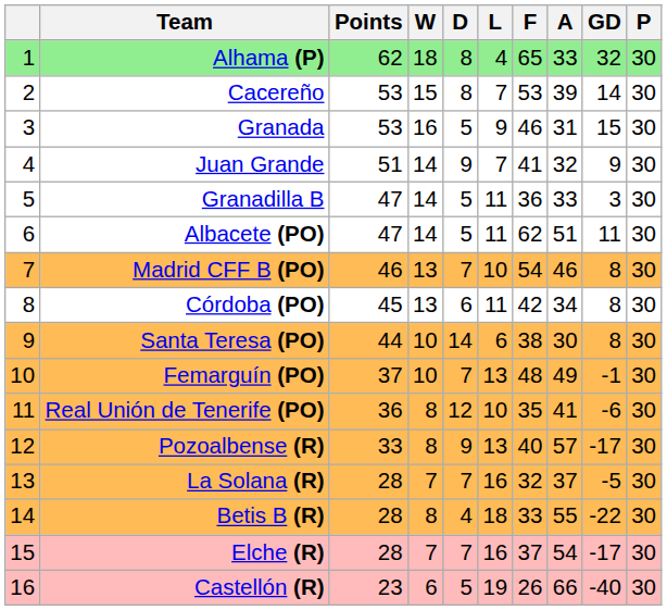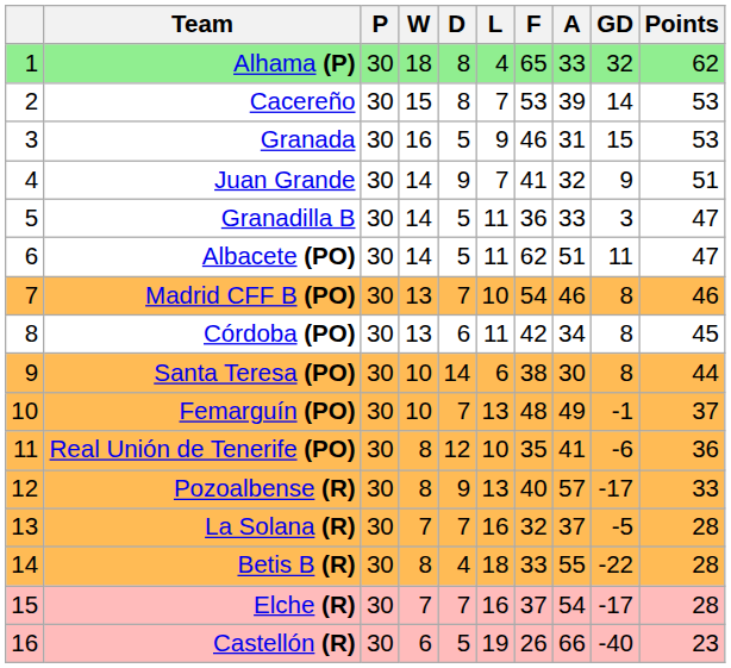 <table class="wikitable sortable col2izq" style="text-align: right">
 <tr>
 <th></th>
 <th>Team</th>
-<th>Points</th>
+<th>P</th>
 <th>W</th>
 <th>D</th>
 <th>L</th>
 <th>F</th>
 <th>A</th>
 <th>GD</th>
-<th>P</th>
+<th>Points</th>
 </tr>
 <tr style="background:lightgreen">
 <td>1</td>
 <td><a href='#'>Alhama</a> <strong>(P)</strong></td>
-<td>62</td>
+<td>30</td>
 <td>18</td>
 <td>8</td>
 <td>4</td>
 <td>65</td>
 <td>33</td>
 <td>32</td>
-<td>30</td>
+<td>62</td>
 </tr>
 <tr style="background:#FFFFFF;">
 <td>2</td>
 <td><a href='#'>Cacereño</a></td>
-<td>53</td>
+<td>30</td>
 <td>15</td>
 <td>8</td>
 <td>7</td>
 <td>53</td>
 <td>39</td>
 <td>14</td>
-<td>30</td>
+<td>53</td>
 </tr>
 <tr style="background:#FFFFFF;">
 <td>3</td>
 <td><a href='#'>Granada</a></td>
-<td>53</td>
+<td>30</td>
 <td>16</td>
 <td>5</td>
 <td>9</td>
 <td>46</td>
 <td>31</td>
 <td>15</td>
-<td>30</td>
+<td>53</td>
 </tr>
 <tr style="background:#FFFFFF;">
 <td>4</td>
 <td><a href='#'>Juan Grande</a></td>
-<td>51</td>
+<td>30</td>
 <td>14</td>
 <td>9</td>
 <td>7</td>
 <td>41</td>
 <td>32</td>
 <td>9</td>
-<td>30</td>
+<td>51</td>
 </tr>
 <tr style="background:#FFFFFF;">
 <td>5</td>
 <td><a href='#'>Granadilla B</a></td>
-<td>47</td>
+<td>30</td>
 <td>14</td>
 <td>5</td>
 <td>11</td>
 <td>36</td>
 <td>33</td>
 <td>3</td>
-<td>30</td>
+<td>47</td>
 </tr>
 <tr style="background:#FFFFFF;">
 <td>6</td>
 <td><a href='#'>Albacete</a> <strong>(PO)</strong></td>
-<td>47</td>
+<td>30</td>
 <td>14</td>
 <td>5</td>
 <td>11</td>
 <td>62</td>
 <td>51</td>
 <td>11</td>
-<td>30</td>
+<td>47</td>
 </tr>
 <tr style="background:#FFBB55;">
 <td>7</td>
 <td><a href='#'>Madrid CFF B</a> <strong>(PO)</strong></td>
-<td>46</td>
+<td>30</td>
 <td>13</td>
 <td>7</td>
 <td>10</td>
 <td>54</td>
 <td>46</td>
 <td>8</td>
-<td>30</td>
+<td>46</td>
 </tr>
 <tr style="background:#FFFFFF;">
 <td>8</td>
 <td><a href='#'>Córdoba</a> <strong>(PO)</strong></td>
-<td>45</td>
+<td>30</td>
 <td>13</td>
 <td>6</td>
 <td>11</td>
 <td>42</td>
 <td>34</td>
 <td>8</td>
-<td>30</td>
+<td>45</td>
 </tr>
 <tr style="background:#FFBB55;">
 <td>9</td>
 <td><a href='#'>Santa Teresa</a> <strong>(PO)</strong></td>
-<td>44</td>
+<td>30</td>
 <td>10</td>
 <td>14</td>
 <td>6</td>
 <td>38</td>
 <td>30</td>
 <td>8</td>
-<td>30</td>
+<td>44</td>
 </tr>
 <tr style="background:#FFBB55;">
 <td>10</td>
 <td><a href='#'>Femarguín</a> <strong>(PO)</strong></td>
-<td>37</td>
+<td>30</td>
 <td>10</td>
 <td>7</td>
 <td>13</td>
 <td>48</td>
 <td>49</td>
 <td>-1</td>
-<td>30</td>
+<td>37</td>
 </tr>
 <tr style="background:#FFBB55;">
 <td>11</td>
 <td><a href='#'>Real Unión de Tenerife</a> <strong>(PO)</strong></td>
-<td>36</td>
+<td>30</td>
 <td>8</td>
 <td>12</td>
 <td>10</td>
 <td>35</td>
 <td>41</td>
 <td>-6</td>
-<td>30</td>
+<td>36</td>
 </tr>
 <tr style="background:#FFBB55;">
 <td>12</td>
 <td><a href='#'>Pozoalbense</a> <strong>(R)</strong></td>
-<td>33</td>
+<td>30</td>
 <td>8</td>
 <td>9</td>
 <td>13</td>
 <td>40</td>
 <td>57</td>
 <td>-17</td>
-<td>30</td>
+<td>33</td>
 </tr>
 <tr style="background:#FFBB55;">
 <td>13</td>
 <td><a href='#'>La Solana</a> <strong>(R)</strong></td>
-<td>28</td>
+<td>30</td>
 <td>7</td>
 <td>7</td>
 <td>16</td>
 <td>32</td>
 <td>37</td>
 <td>-5</td>
-<td>30</td>
+<td>28</td>
 </tr>
 <tr style="background:#FFBB55;">
 <td>14</td>
 <td><a href='#'>Betis B</a> <strong>(R)</strong></td>
-<td>28</td>
+<td>30</td>
 <td>8</td>
 <td>4</td>
 <td>18</td>
 <td>33</td>
 <td>55</td>
 <td>-22</td>
-<td>30</td>
+<td>28</td>
 </tr>
 <tr style="background:#FFBBBB;">
 <td>15</td>
 <td><a href='#'>Elche</a> <strong>(R)</strong></td>
-<td>28</td>
+<td>30</td>
 <td>7</td>
 <td>7</td>
 <td>16</td>
 <td>37</td>
 <td>54</td>
 <td>-17</td>
-<td>30</td>
+<td>28</td>
 </tr>
 <tr style="background:#FFBBBB;">
 <td>16</td>
 <td><a href='#'>Castellón</a> <strong>(R)</strong></td>
-<td>23</td>
+<td>30</td>
 <td>6</td>
 <td>5</td>
 <td>19</td>
 <td>26</td>
 <td>66</td>
 <td>-40</td>
-<td>30</td>
+<td>23</td>
 </tr>
 </table>
